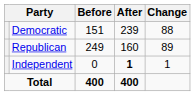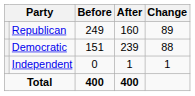 <table class="wikitable" style="text-align:center;">
 <tr>
 <th colspan="2">Party</th>
 <th>Before</th>
 <th>After</th>
 <th>Change</th>
+</tr>
+<tr>
+<th style="background-color:"></th>
+<td style="text-align:left;"><a href='#'>Republican</a></td>
+<td>249</td>
+<td>160</td>
+<td> 89</td>
 </tr>
 <tr>
 <th style="background-color:"></th>
 <td style="text-align:left;"><a href='#'>Democratic</a></td>
 <td>151</td>
 <td>239</td>
 <td> 88</td>
 </tr>
 <tr>
 <th style="background-color:"></th>
-<td style="text-align:left;"><a href='#'>Republican</a></td>
-<td>249</td>
-<td>160</td>
-<td> 89</td>
-</tr>
-<tr>
-<th style="background-color:"></th>
 <td style="text-align:left;"><a href='#'>Independent</a></td>
 <td>0</td>
-<td><strong>1</strong></td>
+<td>1</td>
 <td> 1</td>
 </tr>
 <tr>
 <td colspan="2"><strong>Total</strong></td>
 <td><strong>400</strong></td>
 <td><strong>400</strong></td>
 <td></td>
 </tr>
 </table>
